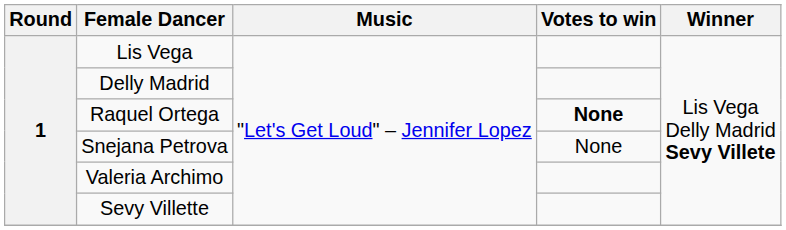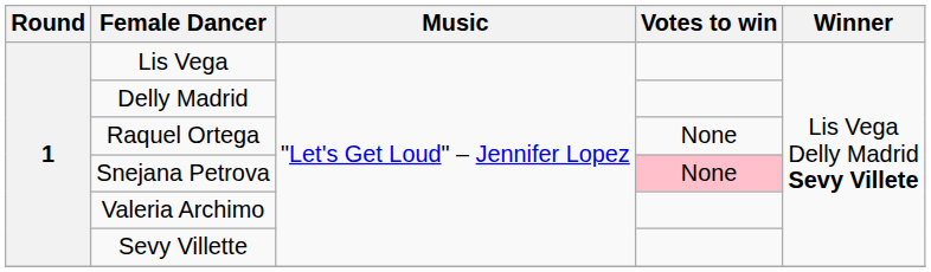 <table class="wikitable" style="text-align:center">
 <tr>
 <th>Round</th>
 <th>Female Dancer</th>
 <th>Music</th>
 <th>Votes to win</th>
 <th>Winner</th>
 </tr>
 <tr>
 <th rowspan=6>1</th>
 <td> Lis Vega</td>
 <td rowspan=6>"<a href='#'>Let's Get Loud</a>" – <a href='#'>Jennifer Lopez</a></td>
 <td>  </td>
 <td rowspan=6>Lis Vega<br>Delly Madrid<br><strong>Sevy Villete</strong></td>
 </tr>
 <tr>
 <td> Delly Madrid</td>
 <td>  </td>
 </tr>
 <tr>
 <td> Raquel Ortega</td>
-<td><strong>None</strong></td>
+<td>None</td>
 </tr>
 <tr>
 <td> Snejana Petrova</td>
-<td>None</td>
+<td style="background: pink;">None</td>
 </tr>
 <tr>
 <td> Valeria Archimo</td>
 <td></td>
 </tr>
 <tr>
 <td> Sevy Villette</td>
 <td>  </td>
 </tr>
 <tr>
 </tr>
 </table>
